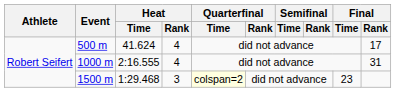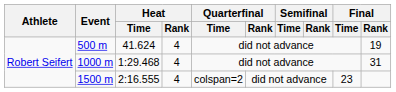 <table class="wikitable" style="font-size:90%">
 <tr>
 <th rowspan=2>Athlete</th>
 <th rowspan=2>Event</th>
 <th colspan=2>Heat</th>
 <th colspan=2>Quarterfinal</th>
 <th colspan=2>Semifinal</th>
 <th colspan=2>Final</th>
 </tr>
 <tr style="font-size:95%">
 <th>Time</th>
 <th>Rank</th>
 <th>Time</th>
 <th>Rank</th>
 <th>Time</th>
 <th>Rank</th>
 <th>Time</th>
 <th>Rank</th>
 </tr>
 <tr align=center>
 <td align=left rowspan=3><a href='#'>Robert Seifert</a></td>
 <td align=left><a href='#'>500 m</a></td>
 <td>41.624</td>
 <td>4</td>
 <td colspan=5>did not advance</td>
-<td>17</td>
+<td>19</td>
 </tr>
 <tr align=center>
 <td align=left><a href='#'>1000 m</a></td>
-<td>2:16.555</td>
+<td>1:29.468</td>
 <td>4</td>
 <td colspan=5>did not advance</td>
 <td>31</td>
 </tr>
 <tr align=center>
 <td align=left><a href='#'>1500 m</a></td>
-<td>1:29.468</td>
-<td>3</td>
-<td style="background: lightyellow;">colspan=2 </td>
+<td>2:16.555</td>
+<td>4</td>
+<td>colspan=2 </td>
 <td colspan=3>did not advance</td>
 <td>23</td>
 </tr>
 </table>
